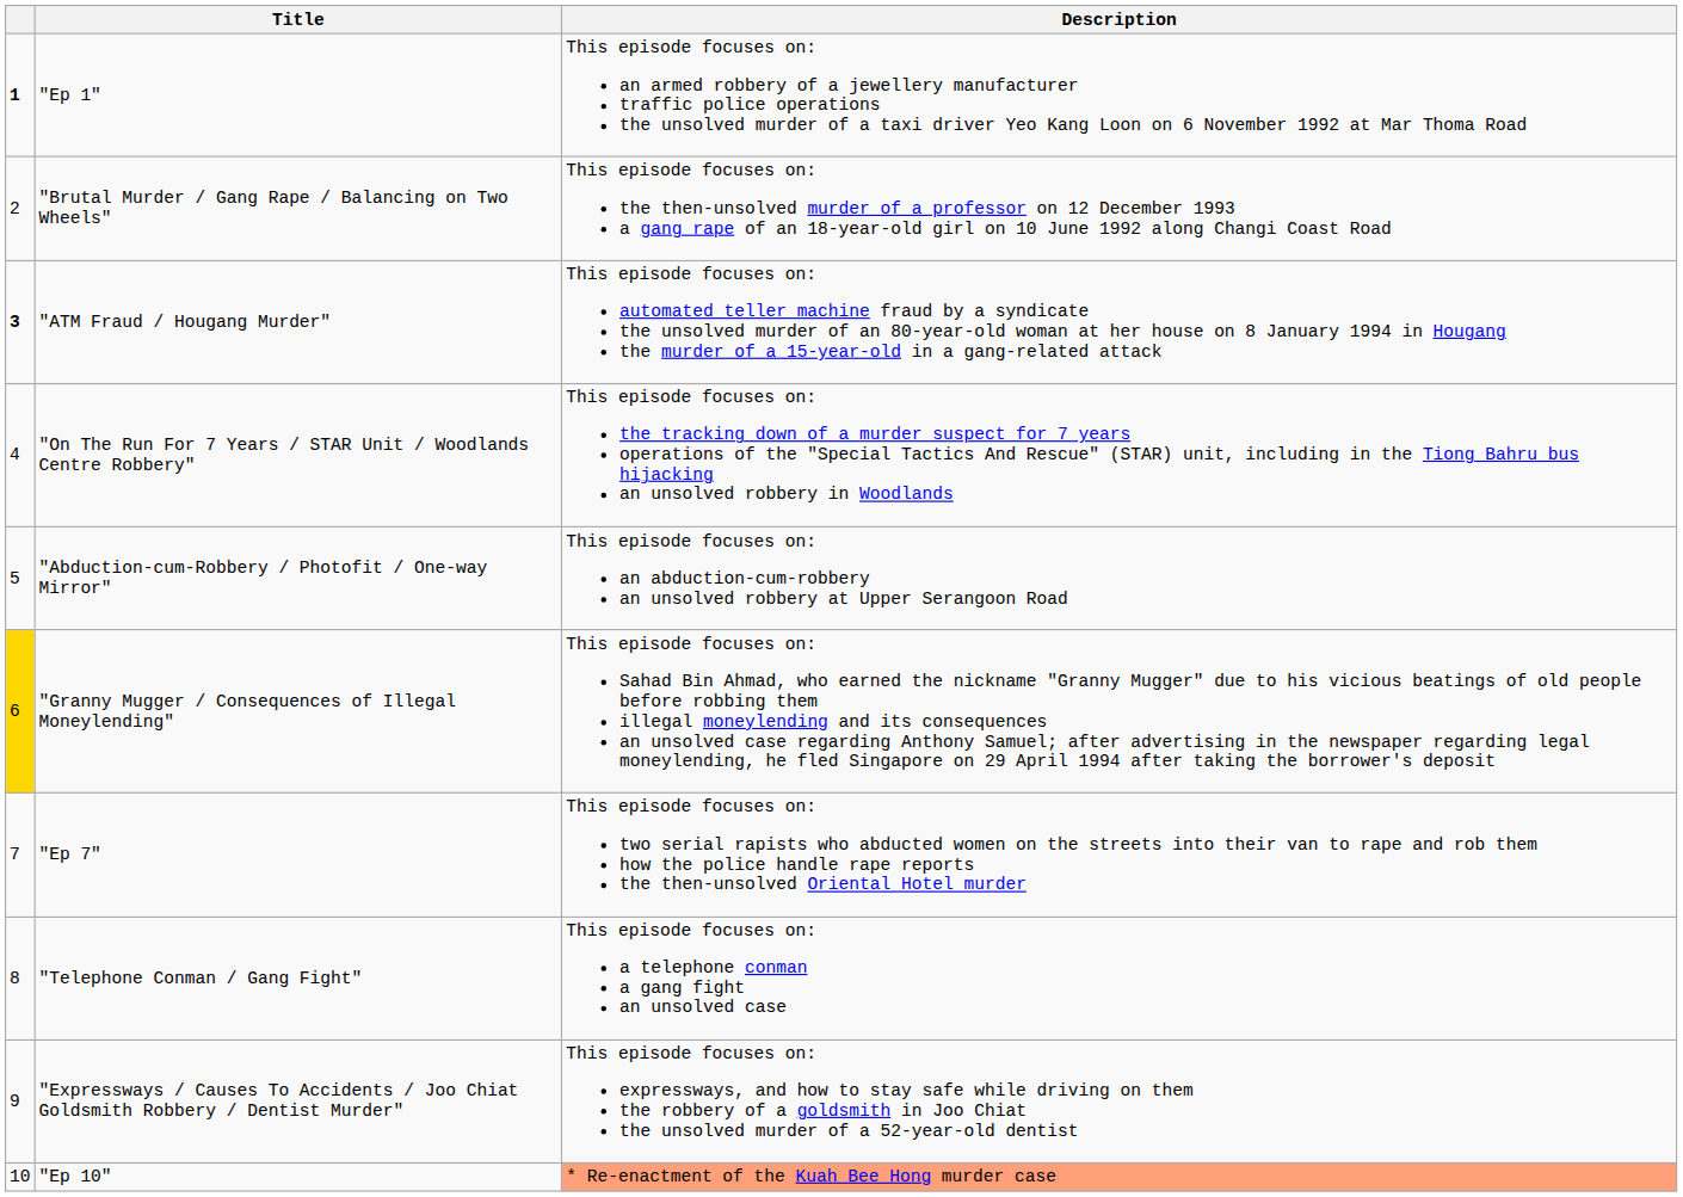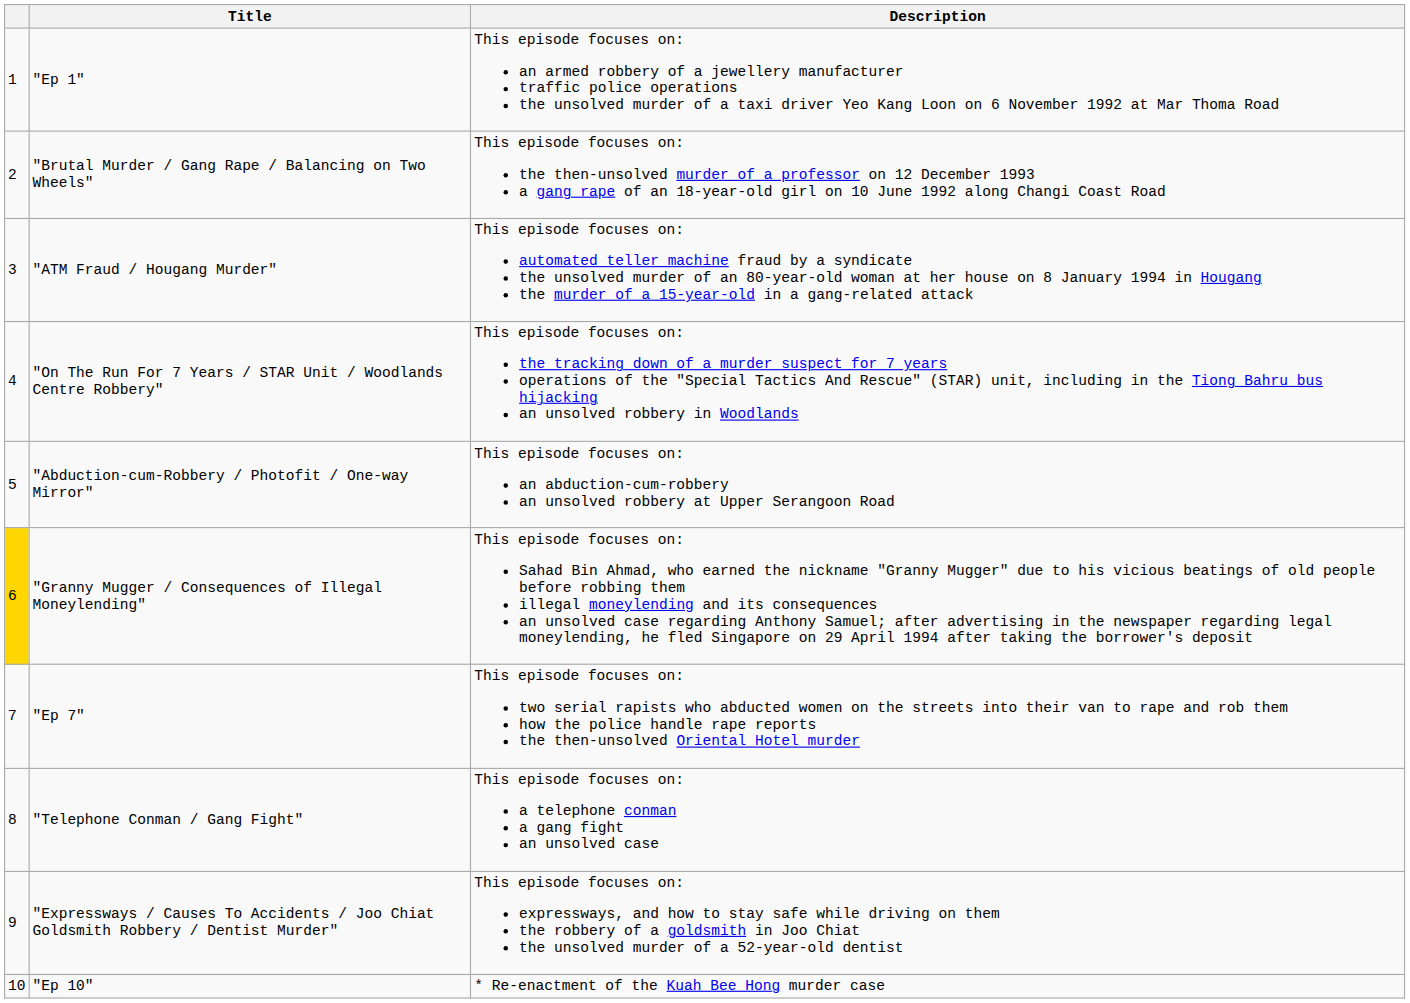 <table class="wikitable">
 <tr>
 <th></th>
 <th>Title</th>
 <th>Description</th>
 </tr>
 <tr>
-<td><strong>1</strong></td>
+<td>1</td>
 <td>"Ep 1"</td>
 <td>This episode focuses on:<br><ul><li>an armed robbery of a jewellery manufacturer</li><li>traffic police operations</li><li>the unsolved murder of a taxi driver Yeo Kang Loon on 6 November 1992 at Mar Thoma Road</li></ul></td>
 </tr>
 <tr>
 <td>2</td>
 <td>"Brutal Murder / Gang Rape / Balancing on Two Wheels"</td>
 <td>This episode focuses on:<br><ul><li>the then-unsolved <a href='#'>murder of a professor</a> on 12 December 1993</li><li>a <a href='#'>gang rape</a> of an 18-year-old girl on 10 June 1992 along Changi Coast Road</li></ul></td>
 </tr>
 <tr>
-<td><strong>3</strong></td>
+<td>3</td>
 <td>"ATM Fraud / Hougang Murder"</td>
 <td>This episode focuses on:<br><ul><li><a href='#'>automated teller machine</a> fraud by a syndicate</li><li>the unsolved murder of an 80-year-old woman at her house on 8 January 1994 in <a href='#'>Hougang</a></li><li>the <a href='#'>murder of a 15-year-old</a> in a gang-related attack</li></ul></td>
 </tr>
 <tr>
 <td>4</td>
 <td>"On The Run For 7 Years / STAR Unit / Woodlands Centre Robbery"</td>
 <td>This episode focuses on:<br><ul><li><a href='#'>the tracking down of a murder suspect for 7 years</a></li><li>operations of the "Special Tactics And Rescue" (STAR) unit, including in the <a href='#'>Tiong Bahru bus hijacking</a></li><li>an unsolved robbery in <a href='#'>Woodlands</a></li></ul></td>
 </tr>
 <tr>
 <td>5</td>
 <td>"Abduction-cum-Robbery / Photofit / One-way Mirror"</td>
 <td>This episode focuses on:<br><ul><li>an abduction-cum-robbery</li><li>an unsolved robbery at Upper Serangoon Road</li></ul></td>
 </tr>
 <tr>
 <td style="background: gold;">6</td>
 <td>"Granny Mugger / Consequences of Illegal Moneylending"</td>
 <td>This episode focuses on:<br><ul><li>Sahad Bin Ahmad, who earned the nickname "Granny Mugger" due to his vicious beatings of old people before robbing them</li><li>illegal <a href='#'>moneylending</a> and its consequences</li><li>an unsolved case regarding Anthony Samuel; after advertising in the newspaper regarding legal moneylending, he fled Singapore on 29 April 1994 after taking the borrower's deposit</li></ul></td>
 </tr>
 <tr>
 <td>7</td>
 <td>"Ep 7"</td>
 <td>This episode focuses on:<br><ul><li>two serial rapists who abducted women on the streets into their van to rape and rob them</li><li>how the police handle rape reports</li><li>the then-unsolved <a href='#'>Oriental Hotel murder</a></li></ul></td>
 </tr>
 <tr>
 <td>8</td>
 <td>"Telephone Conman / Gang Fight"</td>
 <td>This episode focuses on:<br><ul><li>a telephone <a href='#'>conman</a></li><li>a gang fight</li><li>an unsolved case</li></ul></td>
 </tr>
 <tr>
 <td>9</td>
 <td>"Expressways / Causes To Accidents / Joo Chiat Goldsmith Robbery / Dentist Murder"</td>
 <td>This episode focuses on:<br><ul><li>expressways, and how to stay safe while driving on them</li><li>the robbery of a <a href='#'>goldsmith</a> in Joo Chiat</li><li>the unsolved murder of a 52-year-old dentist</li></ul></td>
 </tr>
 <tr>
 <td>10</td>
 <td>"Ep 10"</td>
-<td style="background: lightsalmon;">* Re-enactment of the <a href='#'>Kuah Bee Hong</a> murder case</td>
+<td>* Re-enactment of the <a href='#'>Kuah Bee Hong</a> murder case</td>
 </tr>
 </table>
